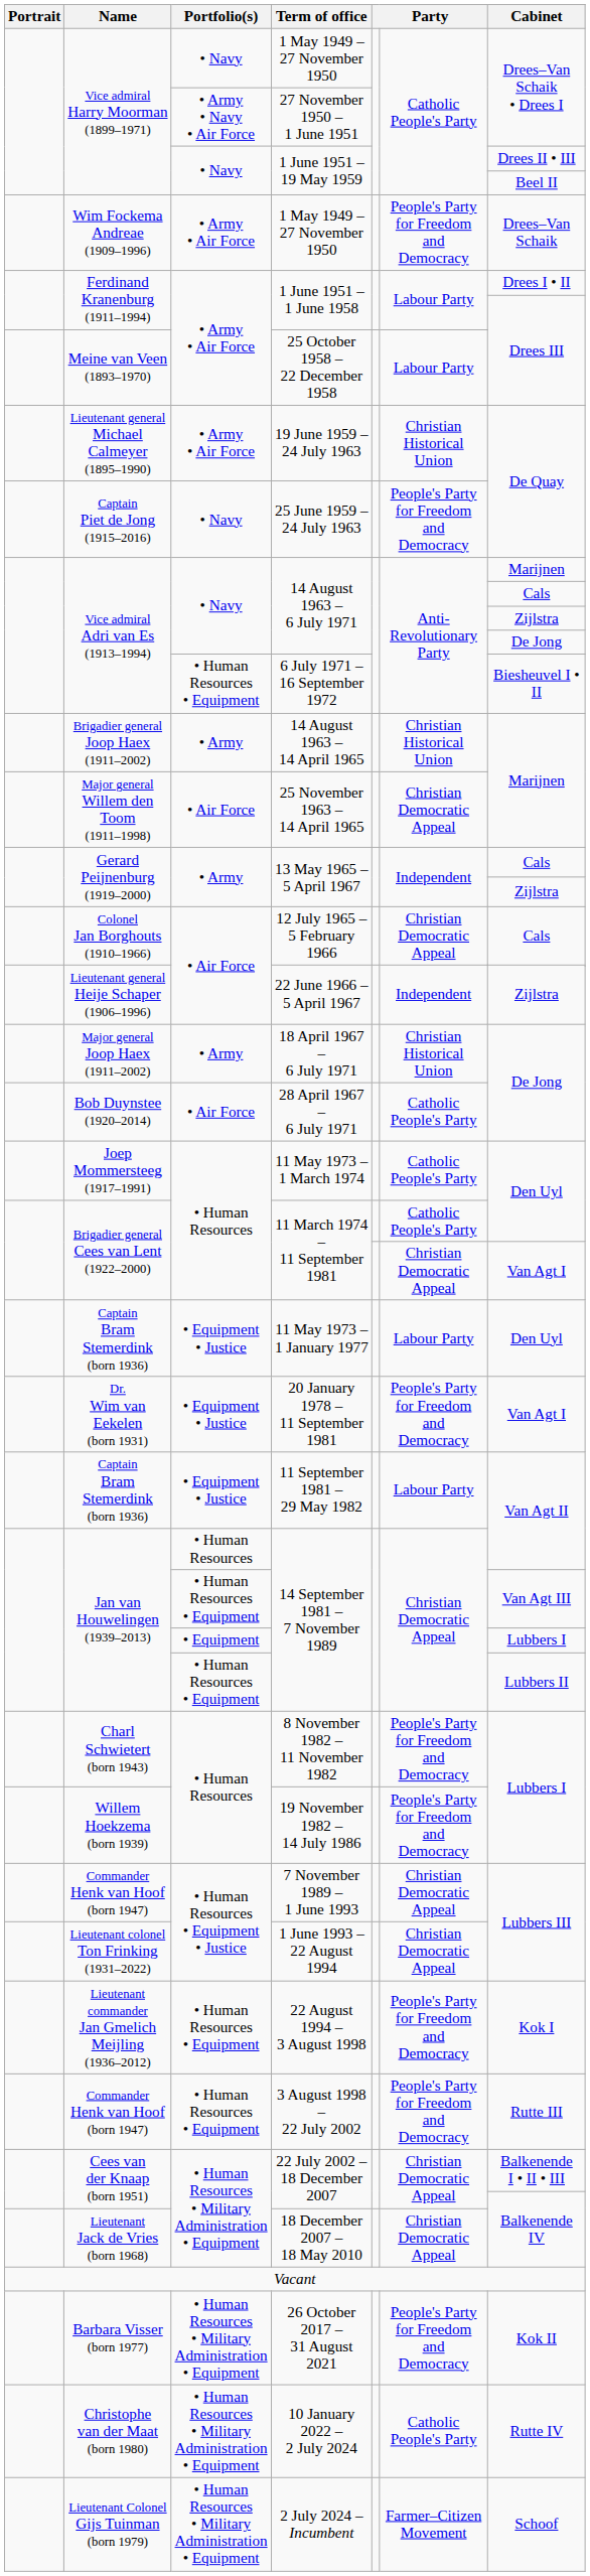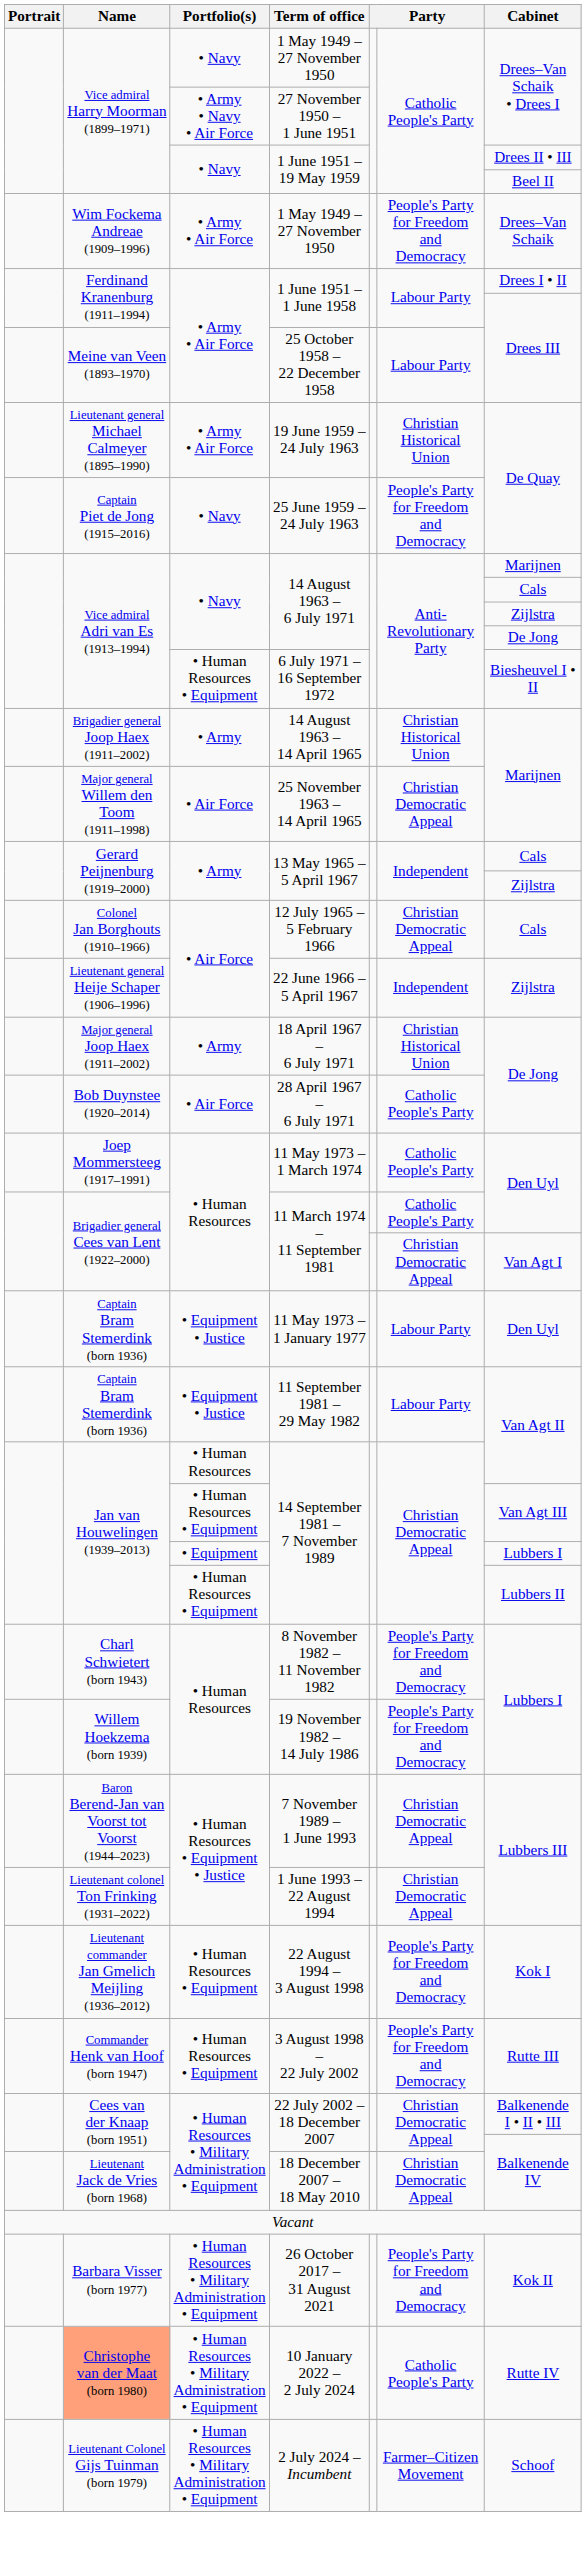 <table class="wikitable" style="text-align:center">
 <tr>
 <th>Portrait</th>
 <th>Name</th>
 <th>Portfolio(s)</th>
 <th>Term of office</th>
 <th colspan=2>Party</th>
 <th>Cabinet</th>
 </tr>
 <tr>
 <td rowspan=4></td>
 <td rowspan=4><small><a href='#'>Vice admiral</a></small> <br> <a href='#'>Harry Moorman</a> <br> <small>(1899–1971)</small></td>
 <td>• <a href='#'>Navy</a></td>
 <td>1 May 1949 – <br> 27 November 1950</td>
 <td rowspan=4 style="background:"></td>
 <td rowspan=4><a href='#'>Catholic <br> People's Party</a></td>
 <td rowspan=2><a href='#'>Drees–Van Schaik</a> <br> • <a href='#'>Drees I</a> <br></td>
 </tr>
 <tr>
 <td>• <a href='#'>Army</a> <br> • <a href='#'>Navy</a> <br> • <a href='#'>Air Force</a></td>
 <td>27 November 1950 – <br> 1 June 1951</td>
 </tr>
 <tr>
 <td rowspan=2>• <a href='#'>Navy</a></td>
 <td rowspan=2>1 June 1951 – <br> 19 May 1959</td>
 <td><a href='#'>Drees II</a> • <a href='#'>III</a> <br></td>
 </tr>
 <tr>
 <td><a href='#'>Beel II</a> <br></td>
 </tr>
 <tr>
 <td></td>
 <td><a href='#'>Wim Fockema <br> Andreae</a> <br> <small>(1909–1996)</small></td>
 <td>• <a href='#'>Army</a> <br> • <a href='#'>Air Force</a></td>
 <td>1 May 1949 – <br> 27 November 1950 <br> </td>
 <td style="background:"></td>
 <td><a href='#'>People's Party <br> for Freedom and <br> Democracy</a></td>
 <td><a href='#'>Drees–Van Schaik</a> <br></td>
 </tr>
 <tr>
 <td rowspan=2></td>
 <td rowspan=2><a href='#'>Ferdinand <br> Kranenburg</a> <br> <small>(1911–1994)</small></td>
 <td rowspan=3>• <a href='#'>Army</a> <br> • <a href='#'>Air Force</a></td>
 <td rowspan=2>1 June 1951 – <br> 1 June 1958 <br> </td>
 <td rowspan=2 style="background:"></td>
 <td rowspan=2><a href='#'>Labour Party</a></td>
 <td><a href='#'>Drees I</a> • <a href='#'>II</a> <br></td>
 </tr>
 <tr>
 <td rowspan=2><a href='#'>Drees III</a> <br></td>
 </tr>
 <tr>
 <td></td>
 <td><a href='#'>Meine van Veen</a> <br> <small>(1893–1970)</small></td>
 <td>25 October 1958 – <br> 22 December 1958</td>
 <td style="background:"></td>
 <td><a href='#'>Labour Party</a></td>
 </tr>
 <tr>
 <td></td>
 <td><small><a href='#'>Lieutenant general</a></small> <br> <a href='#'>Michael Calmeyer</a> <br> <small>(1895–1990)</small></td>
 <td>• <a href='#'>Army</a> <br> • <a href='#'>Air Force</a></td>
 <td>19 June 1959 – <br> 24 July 1963</td>
 <td style="background:"></td>
 <td><a href='#'>Christian <br> Historical Union</a></td>
 <td rowspan=2><a href='#'>De Quay</a> <br></td>
 </tr>
 <tr>
 <td></td>
 <td><small><a href='#'>Captain</a></small> <br> <a href='#'>Piet de Jong</a> <br> <small>(1915–2016)</small></td>
 <td>• <a href='#'>Navy</a></td>
 <td>25 June 1959 – <br> 24 July 1963</td>
 <td style="background:"></td>
 <td><a href='#'>People's Party <br> for Freedom and <br> Democracy</a></td>
 </tr>
 <tr>
 <td rowspan=5></td>
 <td rowspan=5><small><a href='#'>Vice admiral</a></small> <br> <a href='#'>Adri van Es</a> <br> <small>(1913–1994)</small></td>
 <td rowspan=4>• <a href='#'>Navy</a></td>
 <td rowspan=4>14 August 1963 – <br> 6 July 1971</td>
 <td rowspan=5 style="background:"></td>
 <td rowspan=5><a href='#'>Anti-Revolutionary <br> Party</a></td>
 <td><a href='#'>Marijnen</a></td>
 </tr>
 <tr>
 <td><a href='#'>Cals</a></td>
 </tr>
 <tr>
 <td><a href='#'>Zijlstra</a></td>
 </tr>
 <tr>
 <td><a href='#'>De Jong</a></td>
 </tr>
 <tr>
 <td>• Human <br> Resources <br> • <a href='#'>Equipment</a></td>
 <td>6 July 1971 – <br> 16 September 1972 <br> </td>
 <td><a href='#'>Biesheuvel I</a> • <a href='#'>II</a></td>
 </tr>
 <tr>
 <td></td>
 <td><small><a href='#'>Brigadier general</a></small> <br> <a href='#'>Joop Haex</a> <br> <small>(1911–2002)</small></td>
 <td>• <a href='#'>Army</a></td>
 <td>14 August 1963 – <br> 14 April 1965</td>
 <td style="background:"></td>
 <td><a href='#'>Christian <br> Historical Union</a></td>
 <td rowspan=2><a href='#'>Marijnen</a> <br></td>
 </tr>
 <tr>
 <td></td>
 <td><small><a href='#'>Major general</a></small> <br> <a href='#'>Willem den Toom</a> <br> <small>(1911–1998)</small></td>
 <td>• <a href='#'>Air Force</a></td>
 <td>25 November 1963 – <br> 14 April 1965</td>
 <td style="background:"></td>
 <td><a href='#'>Christian <br> Democratic Appeal</a></td>
 </tr>
 <tr>
 <td rowspan=2></td>
 <td rowspan=2><a href='#'>Gerard <br> Peijnenburg</a> <br> <small>(1919–2000)</small></td>
 <td rowspan=2>• <a href='#'>Army</a></td>
 <td rowspan=2>13 May 1965 – <br> 5 April 1967</td>
 <td rowspan=2 style="background:"></td>
 <td rowspan=2><a href='#'>Independent</a></td>
 <td><a href='#'>Cals</a> <br></td>
 </tr>
 <tr>
 <td><a href='#'>Zijlstra</a> <br></td>
 </tr>
 <tr>
 <td></td>
 <td><small><a href='#'>Colonel</a></small> <br> <a href='#'>Jan Borghouts</a> <br> <small>(1910–1966)</small></td>
 <td rowspan=3>• <a href='#'>Air Force</a></td>
 <td>12 July 1965 – <br> 5 February 1966 <br> </td>
 <td style="background:"></td>
 <td><a href='#'>Christian <br> Democratic Appeal</a></td>
 <td rowspan=2><a href='#'>Cals</a> <br></td>
 </tr>
 <tr>
 <td rowspan=2></td>
 <td rowspan=2><small><a href='#'>Lieutenant general</a></small> <br> <a href='#'>Heije Schaper</a> <br> <small>(1906–1996)</small></td>
 <td rowspan=2>22 June 1966 – <br> 5 April 1967</td>
 <td rowspan=2 style="background:"></td>
 <td rowspan=2><a href='#'>Independent</a></td>
 </tr>
 <tr>
 <td><a href='#'>Zijlstra</a> <br></td>
 </tr>
 <tr>
 <td></td>
 <td><small><a href='#'>Major general</a></small> <br> <a href='#'>Joop Haex</a> <br> <small>(1911–2002)</small></td>
 <td>• <a href='#'>Army</a></td>
 <td>18 April 1967 – <br> 6 July 1971</td>
 <td style="background:"></td>
 <td><a href='#'>Christian <br> Historical Union</a></td>
 <td rowspan=2><a href='#'>De Jong</a> <br></td>
 </tr>
 <tr>
 <td></td>
 <td><a href='#'>Bob Duynstee</a> <br> <small>(1920–2014)</small></td>
 <td>• <a href='#'>Air Force</a></td>
 <td>28 April 1967 – <br> 6 July 1971</td>
 <td style="background:"></td>
 <td><a href='#'>Catholic <br> People's Party</a></td>
 </tr>
 <tr>
 <td></td>
 <td><a href='#'>Joep <br> Mommersteeg</a> <br> <small>(1917–1991)</small></td>
 <td rowspan=3>• Human <br> Resources</td>
 <td>11 May 1973 – <br> 1 March 1974 <br> </td>
 <td style="background:"></td>
 <td><a href='#'>Catholic <br> People's Party</a></td>
 <td rowspan=2><a href='#'>Den Uyl</a> <br></td>
 </tr>
 <tr>
 <td rowspan=2></td>
 <td rowspan=2><small><a href='#'>Brigadier general</a></small> <br> <a href='#'>Cees van Lent</a> <br> <small>(1922–2000)</small></td>
 <td rowspan=2>11 March 1974 – <br> 11 September 1981</td>
 <td style="background:"></td>
 <td><a href='#'>Catholic <br> People's Party</a></td>
 </tr>
 <tr>
 <td style="background:"></td>
 <td><a href='#'>Christian <br> Democratic Appeal</a></td>
 <td><a href='#'>Van Agt I</a> <br></td>
 </tr>
 <tr>
 <td></td>
 <td><small><a href='#'>Captain</a></small> <br> <a href='#'>Bram Stemerdink</a> <br> <small>(born 1936)</small></td>
 <td>• <a href='#'>Equipment</a> <br> • <a href='#'>Justice</a></td>
 <td>11 May 1973 – <br> 1 January 1977 <br> </td>
 <td style="background:"></td>
 <td><a href='#'>Labour Party</a></td>
 <td><a href='#'>Den Uyl</a> <br></td>
 </tr>
 <tr>
 <td></td>
-<td><small><a href='#'>Dr.</a></small> <br> <a href='#'>Wim van Eekelen</a> <br> <small>(born 1931)</small></td>
-<td>• <a href='#'>Equipment</a> <br> • <a href='#'>Justice</a></td>
-<td>20 January 1978 – <br> 11 September 1981</td>
-<td style="background:"></td>
-<td><a href='#'>People's Party <br> for Freedom and <br> Democracy</a></td>
-<td><a href='#'>Van Agt I</a> <br></td>
-</tr>
-<tr>
-<td></td>
 <td><small><a href='#'>Captain</a></small> <br> <a href='#'>Bram Stemerdink</a> <br> <small>(born 1936)</small></td>
 <td>• <a href='#'>Equipment</a> <br> • <a href='#'>Justice</a></td>
 <td>11 September 1981 – <br> 29 May 1982 <br> </td>
 <td style="background:"></td>
 <td><a href='#'>Labour Party</a></td>
 <td rowspan=2><a href='#'>Van Agt II</a> <br></td>
 </tr>
 <tr>
 <td rowspan=4></td>
 <td rowspan=4><a href='#'>Jan van <br> Houwelingen</a> <br> <small>(1939–2013)</small></td>
 <td>• Human <br> Resources</td>
 <td rowspan=4>14 September 1981 – <br> 7 November 1989</td>
 <td rowspan=4 style="background:"></td>
 <td rowspan=4><a href='#'>Christian <br> Democratic Appeal</a></td>
 </tr>
 <tr>
 <td>• Human <br> Resources <br> • <a href='#'>Equipment</a></td>
 <td><a href='#'>Van Agt III</a> <br></td>
 </tr>
 <tr>
 <td>• <a href='#'>Equipment</a></td>
 <td><a href='#'>Lubbers I</a> <br></td>
 </tr>
 <tr>
 <td>• Human <br> Resources <br> • <a href='#'>Equipment</a></td>
 <td><a href='#'>Lubbers II</a> <br></td>
 </tr>
 <tr>
 <td></td>
 <td><a href='#'>Charl Schwietert</a> <br> <small>(born 1943)</small></td>
 <td rowspan=2>• Human <br> Resources</td>
 <td>8 November 1982 – <br> 11 November 1982 <br> </td>
 <td style="background:"></td>
 <td><a href='#'>People's Party <br> for Freedom and <br> Democracy</a></td>
 <td rowspan=2><a href='#'>Lubbers I</a> <br></td>
 </tr>
 <tr>
 <td></td>
 <td><a href='#'>Willem Hoekzema</a> <br> <small>(born 1939)</small></td>
 <td>19 November 1982 – <br> 14 July 1986</td>
 <td style="background:"></td>
 <td><a href='#'>People's Party <br> for Freedom and <br> Democracy</a></td>
 </tr>
 <tr>
 <td></td>
-<td><small><a href='#'>Commander</a></small> <br> <a href='#'>Henk van Hoof</a> <br> <small>(born 1947)</small></td>
+<td><small><a href='#'>Baron</a></small> <br> <a href='#'>Berend-Jan van <br> Voorst tot Voorst</a> <br> <small>(1944–2023)</small></td>
 <td rowspan=2>• Human <br> Resources <br> • <a href='#'>Equipment</a> <br> • <a href='#'>Justice</a></td>
 <td>7 November 1989 – <br> 1 June 1993 <br> </td>
 <td style="background:"></td>
 <td><a href='#'>Christian <br> Democratic Appeal</a></td>
 <td rowspan=2><a href='#'>Lubbers III</a> <br></td>
 </tr>
 <tr>
 <td></td>
 <td><small><a href='#'>Lieutenant colonel</a></small> <br> <a href='#'>Ton Frinking</a> <br> <small>(1931–2022)</small></td>
 <td>1 June 1993 – <br> 22 August 1994</td>
 <td style="background:"></td>
 <td><a href='#'>Christian <br> Democratic Appeal</a></td>
 </tr>
 <tr>
 <td></td>
 <td><small><a href='#'>Lieutenant <br> commander</a></small> <br> <a href='#'>Jan Gmelich <br> Meijling</a> <br> <small>(1936–2012)</small></td>
 <td>• Human <br> Resources <br> • <a href='#'>Equipment</a></td>
 <td>22 August 1994 – <br> 3 August 1998</td>
 <td style="background:"></td>
 <td><a href='#'>People's Party <br> for Freedom and <br> Democracy</a></td>
 <td><a href='#'>Kok I</a> <br></td>
 </tr>
 <tr>
 <td></td>
 <td><small><a href='#'>Commander</a></small> <br> <a href='#'>Henk van Hoof</a> <br> <small>(born 1947)</small></td>
 <td>• Human <br> Resources <br> • <a href='#'>Equipment</a></td>
 <td>3 August 1998 – <br> 22 July 2002</td>
 <td style="background:"></td>
 <td><a href='#'>People's Party <br> for Freedom and <br> Democracy</a></td>
 <td><a href='#'>Rutte III</a> <br></td>
 </tr>
 <tr>
 <td rowspan=2></td>
 <td rowspan=2><a href='#'>Cees van <br> der Knaap</a> <br> <small>(born 1951)</small></td>
 <td rowspan=3>• <a href='#'>Human <br> Resources</a> <br> • <a href='#'>Military <br> Administration</a> <br> • <a href='#'>Equipment</a></td>
 <td rowspan=2>22 July 2002 – <br> 18 December 2007 <br> </td>
 <td rowspan=2 style="background:"></td>
 <td rowspan=2><a href='#'>Christian <br> Democratic Appeal</a></td>
 <td><a href='#'>Balkenende <br> I</a> • <a href='#'>II</a> • <a href='#'>III</a> <br></td>
 </tr>
 <tr>
 <td rowspan=2><a href='#'>Balkenende IV</a> <br></td>
 </tr>
 <tr>
 <td></td>
 <td><small><a href='#'>Lieutenant</a></small> <br> <a href='#'>Jack de Vries</a> <br> <small>(born 1968)</small></td>
 <td>18 December 2007 – <br> 18 May 2010 <br> </td>
 <td style="background:"></td>
 <td><a href='#'>Christian <br> Democratic Appeal</a></td>
 </tr>
 <tr>
 <td colspan=7><em>Vacant</em></td>
 </tr>
 <tr>
 <td></td>
 <td><a href='#'>Barbara Visser</a> <br> <small>(born 1977)</small></td>
 <td>• <a href='#'>Human <br> Resources</a> <br> • <a href='#'>Military <br> Administration</a> <br> • <a href='#'>Equipment</a></td>
 <td>26 October 2017 – <br> 31 August 2021 <br> </td>
 <td style="background:"></td>
 <td><a href='#'>People's Party <br> for Freedom and <br> Democracy</a></td>
 <td><a href='#'>Kok II</a> <br></td>
 </tr>
 <tr>
 <td></td>
-<td><a href='#'>Christophe <br> van der Maat</a> <br> <small>(born 1980)</small></td>
+<td style="background: lightsalmon;"><a href='#'>Christophe <br> van der Maat</a> <br> <small>(born 1980)</small></td>
 <td>• <a href='#'>Human <br> Resources</a> <br> • <a href='#'>Military <br> Administration</a> <br> • <a href='#'>Equipment</a></td>
 <td>10 January 2022 – <br> 2 July 2024</td>
 <td style="background:"></td>
 <td><a href='#'>Catholic <br> People's Party</a></td>
 <td><a href='#'>Rutte IV</a> <br></td>
 </tr>
 <tr>
 <td></td>
 <td><small><a href='#'>Lieutenant Colonel</a></small> <br> <a href='#'>Gijs Tuinman</a> <br> <small>(born 1979)</small></td>
 <td>• <a href='#'>Human <br> Resources</a> <br> • <a href='#'>Military <br> Administration</a> <br> • <a href='#'>Equipment</a></td>
 <td>2 July 2024 – <br> <em>Incumbent</em></td>
 <td style="background:"></td>
 <td><a href='#'>Farmer–Citizen <br> Movement</a></td>
 <td><a href='#'>Schoof</a> <br></td>
 </tr>
 </table>
